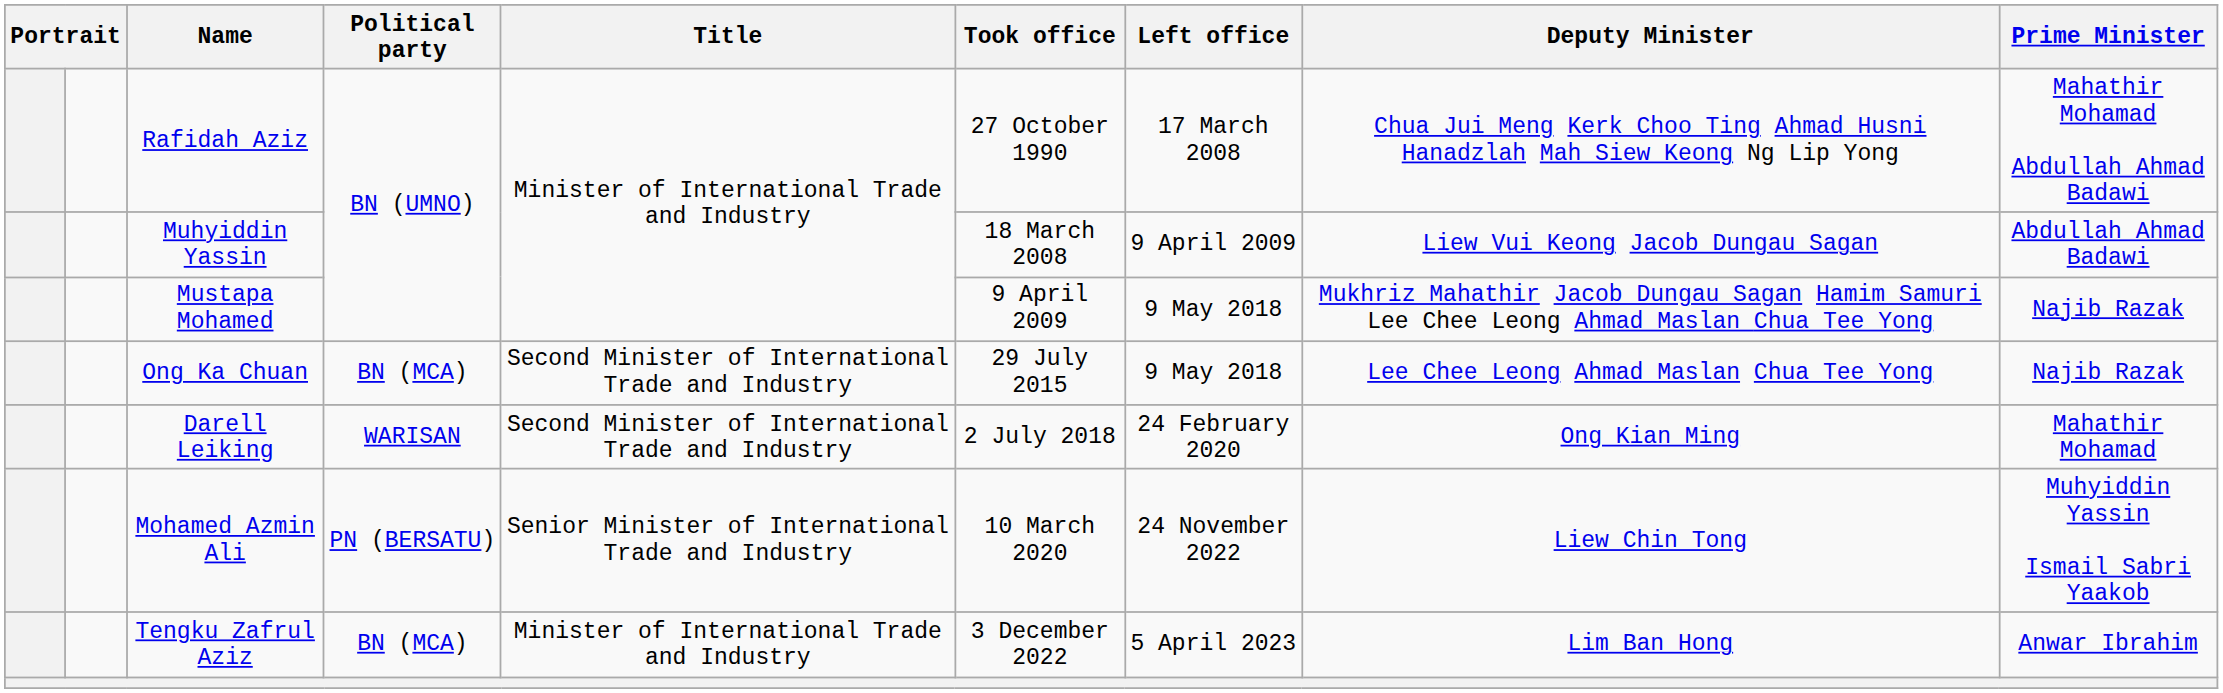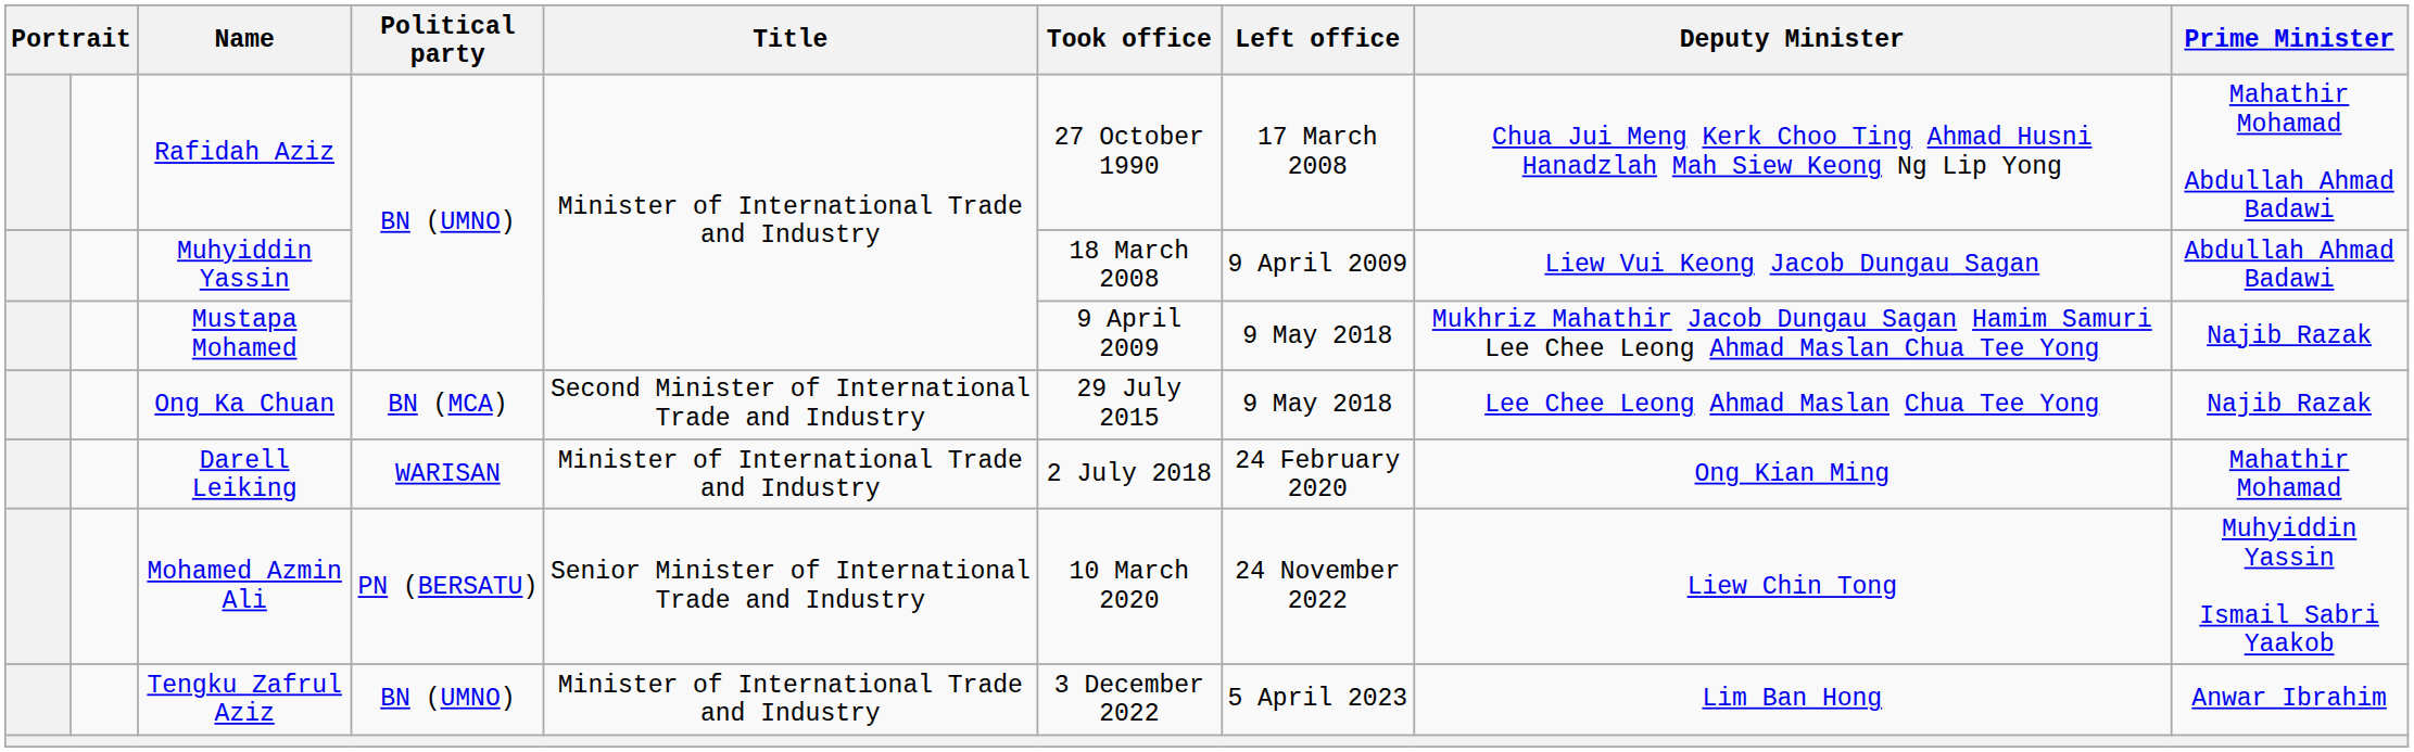 <table class="wikitable" style="text-align:center;">
 <tr>
 <th colspan=2>Portrait</th>
 <th>Name<br></th>
 <th>Political party</th>
 <th>Title</th>
 <th>Took office</th>
 <th>Left office</th>
 <th>Deputy Minister</th>
 <th><a href='#'>Prime Minister</a><br></th>
 </tr>
 <tr>
 <th style="background:"></th>
 <td></td>
 <td><a href='#'>Rafidah Aziz</a><br></td>
 <td rowspan="3"><a href='#'>BN</a> (<a href='#'>UMNO</a>)</td>
 <td rowspan="3">Minister of International Trade and Industry</td>
 <td>27 October 1990</td>
 <td>17 March 2008</td>
 <td><a href='#'>Chua Jui Meng</a>  <a href='#'>Kerk Choo Ting</a>  <a href='#'>Ahmad Husni Hanadzlah</a>  <a href='#'>Mah Siew Keong</a> Ng Lip Yong </td>
 <td><a href='#'>Mahathir Mohamad</a><br><br><a href='#'>Abdullah Ahmad Badawi</a><br></td>
 </tr>
 <tr>
 <th style="background:"></th>
 <td></td>
 <td><a href='#'>Muhyiddin Yassin</a><br></td>
 <td>18 March 2008</td>
 <td>9 April 2009</td>
 <td><a href='#'>Liew Vui Keong</a> <a href='#'>Jacob Dungau Sagan</a> </td>
 <td><a href='#'>Abdullah Ahmad Badawi</a><br></td>
 </tr>
 <tr>
 <th style="background:"></th>
 <td></td>
 <td><a href='#'>Mustapa Mohamed</a><br></td>
 <td>9 April 2009</td>
 <td>9 May 2018</td>
 <td><a href='#'>Mukhriz Mahathir</a> <a href='#'>Jacob Dungau Sagan</a>  <a href='#'>Hamim Samuri</a> Lee Chee Leong <a href='#'>Ahmad Maslan </a><a href='#'>Chua Tee Yong</a> </td>
 <td><a href='#'>Najib Razak</a><br></td>
 </tr>
 <tr>
 <th style="background:"></th>
 <td></td>
 <td><a href='#'>Ong Ka Chuan</a><br></td>
 <td><a href='#'>BN</a> (<a href='#'>MCA</a>)</td>
 <td>Second Minister of International Trade and Industry</td>
 <td>29 July 2015</td>
 <td>9 May 2018</td>
 <td><a href='#'>Lee Chee Leong</a> <a href='#'>Ahmad Maslan</a> <a href='#'>Chua Tee Yong</a> </td>
 <td><a href='#'>Najib Razak</a><br></td>
 </tr>
 <tr>
 <th style="background:"></th>
 <td></td>
 <td><a href='#'>Darell Leiking</a><br></td>
 <td><a href='#'>WARISAN</a></td>
-<td>Second Minister of International Trade and Industry</td>
+<td>Minister of International Trade and Industry</td>
 <td>2 July 2018</td>
 <td>24 February 2020</td>
 <td><a href='#'>Ong Kian Ming</a></td>
 <td><a href='#'>Mahathir Mohamad</a><br></td>
 </tr>
 <tr>
 <th style="background:"></th>
 <td></td>
 <td><a href='#'>Mohamed Azmin Ali</a><br></td>
 <td><a href='#'>PN</a> (<a href='#'>BERSATU</a>)</td>
 <td>Senior Minister of International Trade and Industry</td>
 <td>10 March 2020</td>
 <td>24 November 2022</td>
 <td><a href='#'>Liew Chin Tong</a></td>
 <td><a href='#'>Muhyiddin Yassin</a><br><br><a href='#'>Ismail Sabri Yaakob</a><br></td>
 </tr>
 <tr>
 <th style="background:"></th>
 <td></td>
 <td><a href='#'>Tengku Zafrul Aziz</a><br></td>
-<td><a href='#'>BN</a> (<a href='#'>MCA</a>)</td>
+<td><a href='#'>BN</a> (<a href='#'>UMNO</a>)</td>
 <td>Minister of International Trade and Industry</td>
 <td>3 December 2022</td>
 <td>5 April 2023</td>
 <td><a href='#'>Lim Ban Hong</a></td>
 <td><a href='#'>Anwar Ibrahim</a><br></td>
 </tr>
 <tr>
 <th colspan="9" bgcolor="cccccc"></th>
 </tr>
 </table>
